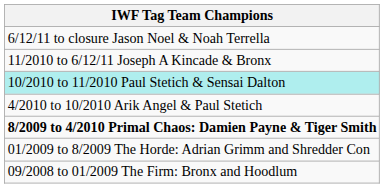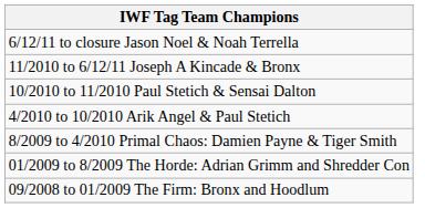 <table class="wikitable" border="1">
 <tr>
 <th><strong>IWF Tag Team Champions</strong></th>
 </tr>
 <tr>
 <td>6/12/11 to closure Jason Noel & Noah Terrella</td>
 </tr>
 <tr>
 <td>11/2010 to 6/12/11 Joseph A Kincade & Bronx</td>
 </tr>
 <tr>
-<td style="background: paleturquoise;">10/2010 to 11/2010 Paul Stetich & Sensai Dalton</td>
+<td>10/2010 to 11/2010 Paul Stetich & Sensai Dalton</td>
 </tr>
 <tr>
 <td>4/2010 to 10/2010 Arik Angel & Paul Stetich</td>
 </tr>
 <tr>
-<td><strong>8/2009 to 4/2010 Primal Chaos: Damien Payne & Tiger Smith</strong></td>
+<td>8/2009 to 4/2010 Primal Chaos: Damien Payne & Tiger Smith</td>
 </tr>
 <tr>
 <td>01/2009 to 8/2009 The Horde: Adrian Grimm and Shredder Con</td>
 </tr>
 <tr>
 <td>09/2008 to 01/2009 The Firm: Bronx and Hoodlum</td>
 </tr>
 </table>
